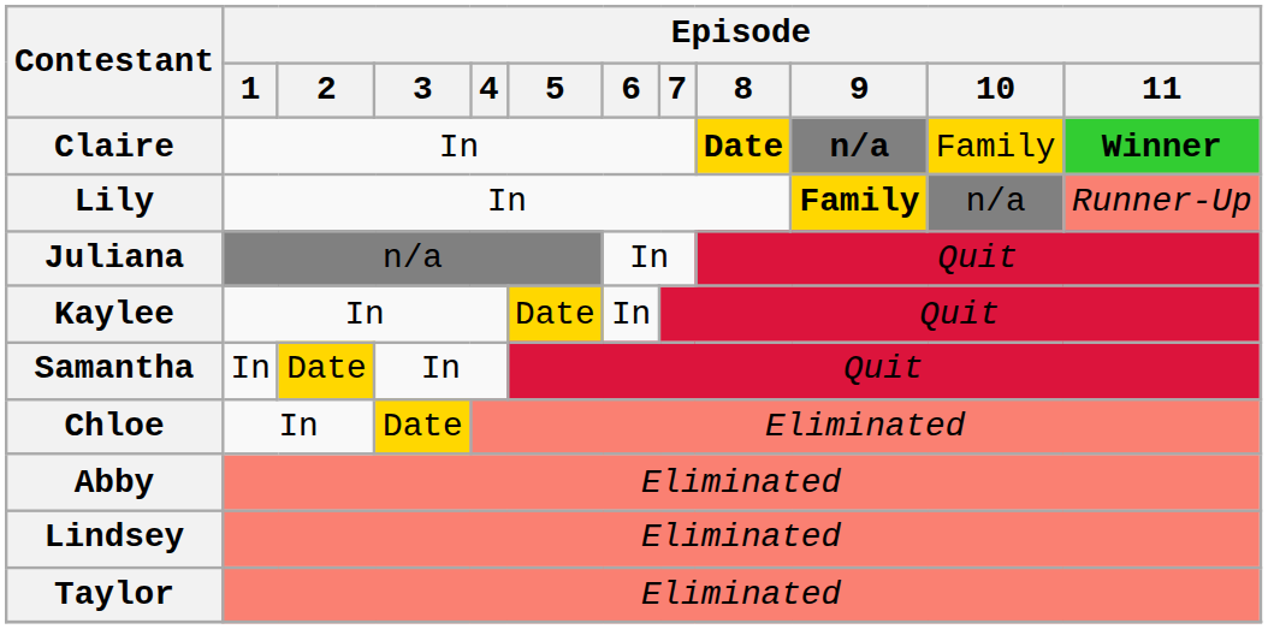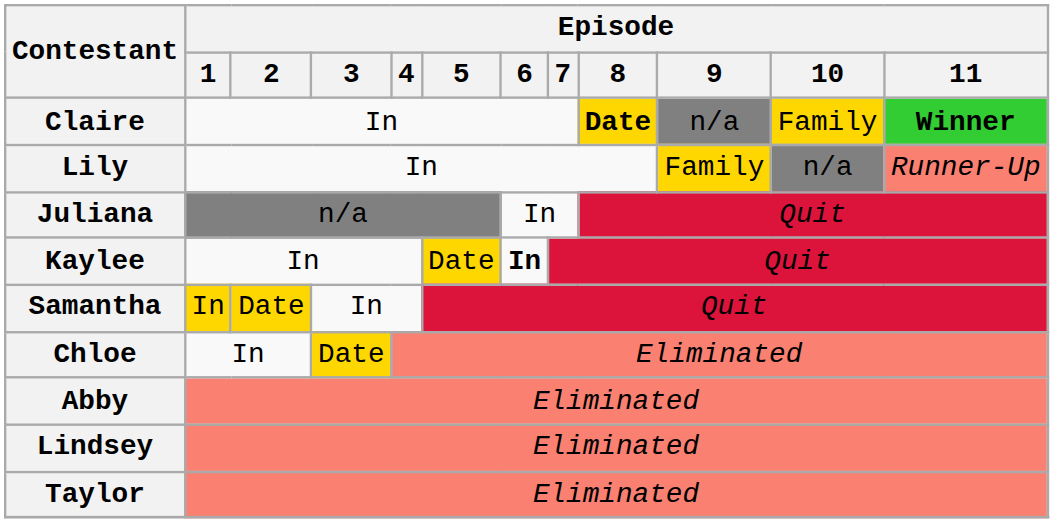 <table class="wikitable" style="text-align:center; font-size:90%;">
 <tr>
 <th rowspan="2">Contestant</th>
 <th colspan="11">Episode</th>
 </tr>
 <tr>
 <th>1</th>
 <th>2</th>
 <th>3</th>
 <th>4</th>
 <th>5</th>
 <th>6</th>
 <th>7</th>
 <th>8</th>
 <th>9</th>
 <th>10</th>
 <th>11</th>
 </tr>
 <tr>
 <th>Claire</th>
 <td colspan="7">In</td>
 <td style="background:gold;"><strong>Date</strong></td>
-<td style="background:gray;"><strong>n/a</strong></td>
+<td style="background:gray;">n/a</td>
 <td style="background:gold;">Family</td>
 <td bgcolor="limegreen"><strong>Winner</strong></td>
 </tr>
 <tr>
 <th>Lily</th>
 <td colspan="8">In</td>
-<td style="background:gold;"><strong>Family</strong></td>
+<td style="background:gold;">Family</td>
 <td style="background:gray;">n/a</td>
 <td bgcolor="salmon"><em>Runner-Up</em></td>
 </tr>
 <tr>
 <th>Juliana</th>
 <td style="background:gray;" colspan="5">n/a</td>
 <td colspan="2">In</td>
 <td style="background:crimson;" colspan="4"><span><em>Quit</em></span></td>
 </tr>
 <tr>
 <th>Kaylee</th>
 <td colspan="4">In</td>
 <td style="background:gold;">Date</td>
-<td>In</td>
+<td><strong>In</strong></td>
 <td style="background:crimson;" colspan="5"><span><em>Quit</em></span></td>
 </tr>
 <tr>
 <th>Samantha</th>
-<td>In</td>
+<td style="background: gold;">In</td>
 <td style="background:gold;">Date</td>
 <td colspan="2">In</td>
 <td style="background:crimson;" colspan="7"><span><em>Quit</em></span></td>
 </tr>
 <tr>
 <th>Chloe</th>
 <td colspan="2">In</td>
 <td style="background:gold;">Date</td>
 <td style="background:salmon;" colspan="8"><em>Eliminated</em></td>
 </tr>
 <tr>
 <th>Abby</th>
 <td style="background:salmon;" colspan="11"><em>Eliminated</em></td>
 </tr>
 <tr>
 <th>Lindsey</th>
 <td style="background:salmon;" colspan="11"><em>Eliminated</em></td>
 </tr>
 <tr>
 <th>Taylor</th>
 <td style="background:salmon;" colspan="11"><em>Eliminated</em></td>
 </tr>
 <tr>
 </tr>
 </table>
